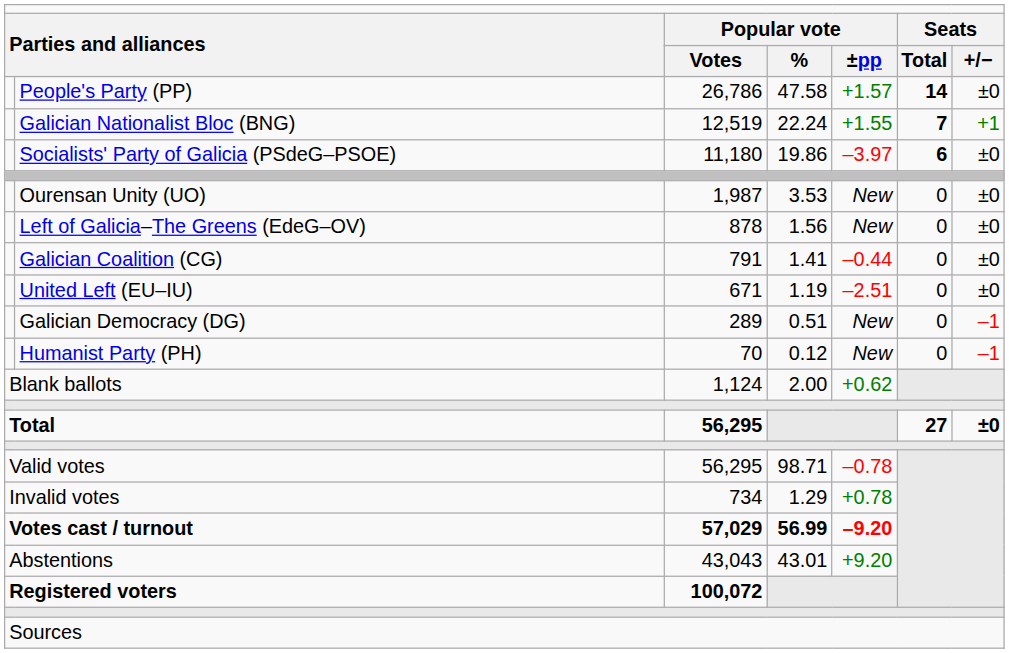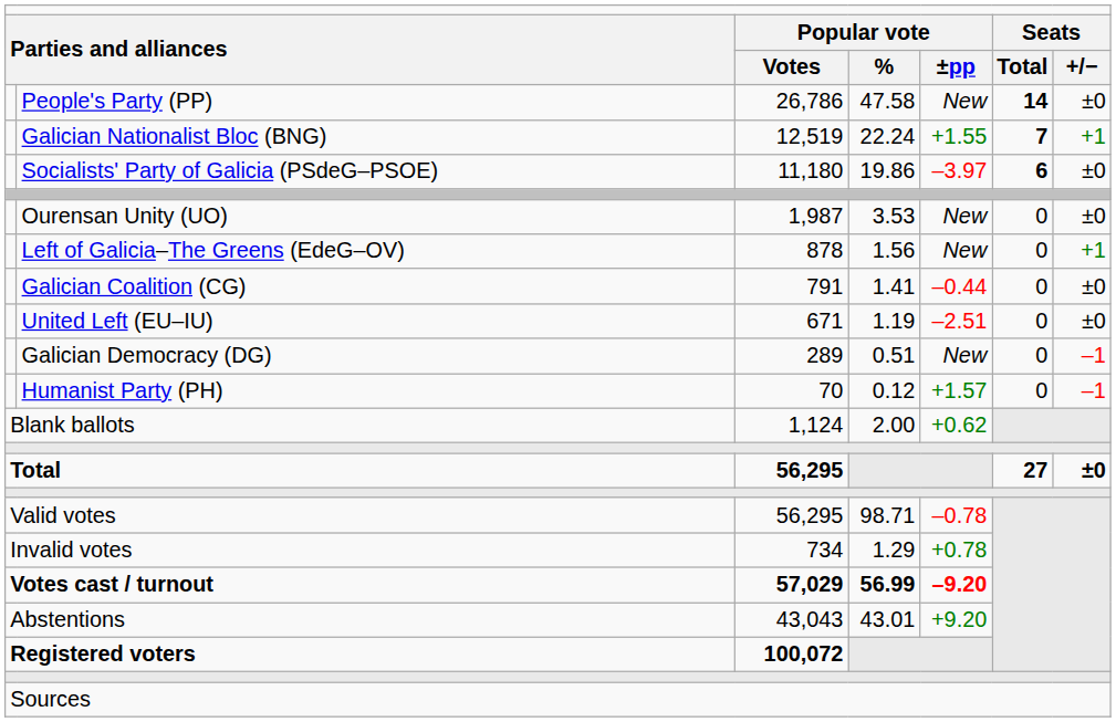 <table class="wikitable" style="text-align:right;">
 <tr>
 <td colspan="7"></td>
 </tr>
 <tr>
 <th style="text-align:left;" rowspan="2" colspan="2" width="525">Parties and alliances</th>
 <th colspan="3">Popular vote</th>
 <th colspan="2">Seats</th>
 </tr>
 <tr>
 <th width="75">Votes</th>
 <th width="45">%</th>
 <th width="45">±<a href='#'>pp</a></th>
 <th width="35">Total</th>
 <th width="35">+/−</th>
 </tr>
 <tr>
 <td width="1" style="color:inherit;background:"></td>
 <td align="left"><a href='#'>People's Party</a> (PP)</td>
 <td>26,786</td>
 <td>47.58</td>
-<td style="color:green;">+1.57</td>
+<td><em>New</em></td>
 <td><strong>14</strong></td>
 <td>±0</td>
 </tr>
 <tr>
 <td style="color:inherit;background:"></td>
 <td align="left"><a href='#'>Galician Nationalist Bloc</a> (BNG)</td>
 <td>12,519</td>
 <td>22.24</td>
 <td style="color:green;">+1.55</td>
 <td><strong>7</strong></td>
 <td style="color:green;">+1</td>
 </tr>
 <tr>
 <td style="color:inherit;background:"></td>
 <td align="left"><a href='#'>Socialists' Party of Galicia</a> (PSdeG–PSOE)</td>
 <td>11,180</td>
 <td>19.86</td>
 <td style="color:red;">–3.97</td>
 <td><strong>6</strong></td>
 <td>±0</td>
 </tr>
 <tr>
 <td colspan="7" bgcolor="#C0C0C0"></td>
 </tr>
 <tr>
 <td style="color:inherit;background:"></td>
 <td align="left">Ourensan Unity (UO)</td>
 <td>1,987</td>
 <td>3.53</td>
 <td><em>New</em></td>
 <td>0</td>
 <td>±0</td>
 </tr>
 <tr>
 <td style="color:inherit;background:"></td>
 <td align="left"><a href='#'>Left of Galicia</a>–<a href='#'>The Greens</a> (EdeG–OV)</td>
 <td>878</td>
 <td>1.56</td>
 <td><em>New</em></td>
 <td>0</td>
-<td>±0</td>
+<td style="color:green;">+1</td>
 </tr>
 <tr>
 <td style="color:inherit;background:"></td>
 <td align="left"><a href='#'>Galician Coalition</a> (CG)</td>
 <td>791</td>
 <td>1.41</td>
 <td style="color:red;">–0.44</td>
 <td>0</td>
 <td>±0</td>
 </tr>
 <tr>
 <td style="color:inherit;background:"></td>
 <td align="left"><a href='#'>United Left</a> (EU–IU)</td>
 <td>671</td>
 <td>1.19</td>
 <td style="color:red;">–2.51</td>
 <td>0</td>
 <td>±0</td>
 </tr>
 <tr>
 <td style="color:inherit;background:"></td>
 <td align="left">Galician Democracy (DG)</td>
 <td>289</td>
 <td>0.51</td>
 <td><em>New</em></td>
 <td>0</td>
 <td style="color:red;">–1</td>
 </tr>
 <tr>
 <td style="color:inherit;background:"></td>
 <td align="left"><a href='#'>Humanist Party</a> (PH)</td>
 <td>70</td>
 <td>0.12</td>
-<td><em>New</em></td>
+<td style="color:green;">+1.57</td>
 <td>0</td>
 <td style="color:red;">–1</td>
 </tr>
 <tr>
 <td align="left" colspan="2">Blank ballots</td>
 <td>1,124</td>
 <td>2.00</td>
 <td style="color:green;">+0.62</td>
 <td bgcolor="#E9E9E9" colspan="2"></td>
 </tr>
 <tr>
 <td colspan="7" bgcolor="#E9E9E9"></td>
 </tr>
 <tr style="font-weight:bold;">
 <td align="left" colspan="2">Total</td>
 <td>56,295</td>
 <td bgcolor="#E9E9E9" colspan="2"></td>
 <td>27</td>
 <td>±0</td>
 </tr>
 <tr>
 <td colspan="7" bgcolor="#E9E9E9"></td>
 </tr>
 <tr>
 <td align="left" colspan="2">Valid votes</td>
 <td>56,295</td>
 <td>98.71</td>
 <td style="color:red;">–0.78</td>
 <td bgcolor="#E9E9E9" colspan="2" rowspan="5"></td>
 </tr>
 <tr>
 <td align="left" colspan="2">Invalid votes</td>
 <td>734</td>
 <td>1.29</td>
 <td style="color:green;">+0.78</td>
 </tr>
 <tr style="font-weight:bold;">
 <td align="left" colspan="2">Votes cast / turnout</td>
 <td>57,029</td>
 <td>56.99</td>
 <td style="color:red;">–9.20</td>
 </tr>
 <tr>
 <td align="left" colspan="2">Abstentions</td>
 <td>43,043</td>
 <td>43.01</td>
 <td style="color:green;">+9.20</td>
 </tr>
 <tr style="font-weight:bold;">
 <td align="left" colspan="2">Registered voters</td>
 <td>100,072</td>
 <td bgcolor="#E9E9E9" colspan="2"></td>
 </tr>
 <tr>
 <td colspan="7" bgcolor="#E9E9E9"></td>
 </tr>
 <tr>
 <td align="left" colspan="7">Sources</td>
 </tr>
 </table>
